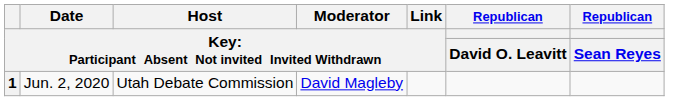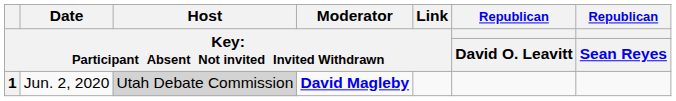 <table class="wikitable" style="text-align:center;">
 <tr>
 <th scope="col"></th>
 <th scope="col">Date</th>
 <th scope="col">Host</th>
 <th scope="col">Moderator</th>
 <th scope="col">Link</th>
 <th scope="col"><small><a href='#'>Republican</a></small></th>
 <th scope="col"><small><a href='#'>Republican</a></small></th>
 </tr>
 <tr>
 <th colspan="5" rowspan="2">Key:<br> <small>Participant </small>  <small>Absent </small>  <small>Not invited </small>  <small>Invited  Withdrawn</small></th>
 <th scope="col" style="background:"></th>
 <th scope="col" style="background:"></th>
 </tr>
 <tr>
 <th scope="col">David O. Leavitt</th>
 <th scope="col"><a href='#'>Sean Reyes</a></th>
 </tr>
 <tr>
 <th>1</th>
 <td style="white-space:nowrap;">Jun. 2, 2020</td>
-<td style="white-space:nowrap;">Utah Debate Commission</td>
-<td style="white-space:nowrap;"><a href='#'>David Magleby</a></td>
+<td style="background: lightgrey; white-space:nowrap;">Utah Debate Commission</td>
+<td style="white-space:nowrap;"><strong><a href='#'>David Magleby</a></strong></td>
 <td style="white-space:nowrap;"></td>
 <td></td>
 <td></td>
 </tr>
 </table>
